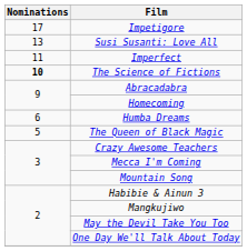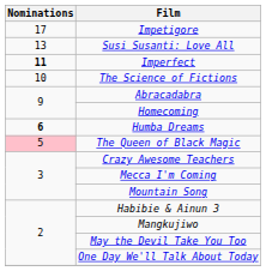 <table class="wikitable plainrowheaders" style="text-align:center;">
 <tr>
 <th scope="col" style="width:55px;">Nominations</th>
 <th scope="col" style="text-align:center;">Film</th>
 </tr>
 <tr>
 <td>17</td>
 <td><em><a href='#'>Impetigore</a></em></td>
 </tr>
 <tr>
 <td>13</td>
 <td><em><a href='#'>Susi Susanti: Love All</a></em></td>
 </tr>
 <tr>
-<td>11</td>
+<td><strong>11</strong></td>
 <td><em><a href='#'>Imperfect</a></em></td>
 </tr>
 <tr>
-<td><strong>10</strong></td>
+<td>10</td>
 <td><em><a href='#'>The Science of Fictions</a></em></td>
 </tr>
 <tr>
 <td rowspan="2">9</td>
 <td><em><a href='#'>Abracadabra</a></em></td>
 </tr>
 <tr>
 <td><em><a href='#'>Homecoming</a></em></td>
 </tr>
 <tr>
-<td>6</td>
+<td><strong>6</strong></td>
 <td><em><a href='#'>Humba Dreams</a></em></td>
 </tr>
 <tr>
-<td>5</td>
+<td style="background: pink;">5</td>
 <td><em><a href='#'>The Queen of Black Magic</a></em></td>
 </tr>
 <tr>
 <td rowspan="3">3</td>
 <td><em><a href='#'>Crazy Awesome Teachers</a></em></td>
 </tr>
 <tr>
 <td><em><a href='#'>Mecca I'm Coming</a></em></td>
 </tr>
 <tr>
 <td><em><a href='#'>Mountain Song</a></em></td>
 </tr>
 <tr>
 <td rowspan="4">2</td>
 <td><em>Habibie & Ainun 3</em></td>
 </tr>
 <tr>
 <td><em>Mangkujiwo</em></td>
 </tr>
 <tr>
 <td><em><a href='#'>May the Devil Take You Too</a></em></td>
 </tr>
 <tr>
 <td><em><a href='#'>One Day We'll Talk About Today</a></em></td>
 </tr>
 <tr>
 </tr>
 </table>
